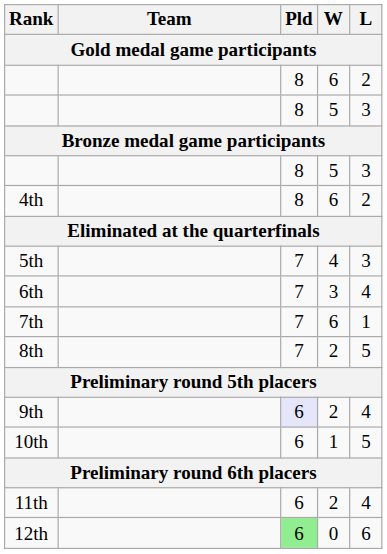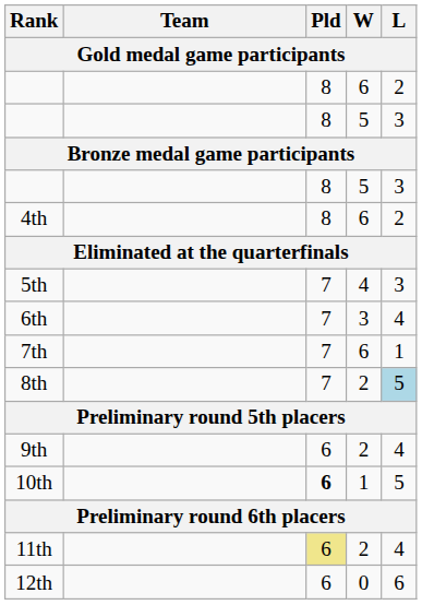 <table class=wikitable>
 <tr>
 <th>Rank</th>
 <th width=180px>Team</th>
 <th width=20px>Pld</th>
 <th width=20px>W</th>
 <th width=20px>L</th>
 </tr>
 <tr>
 <th colspan=11>Gold medal game participants</th>
 </tr>
 <tr align=center>
 <td></td>
 <td align=left></td>
 <td>8</td>
 <td>6</td>
 <td>2</td>
 </tr>
 <tr align=center>
 <td></td>
 <td align=left></td>
 <td>8</td>
 <td>5</td>
 <td>3</td>
 </tr>
 <tr>
 <th colspan=11>Bronze medal game participants</th>
 </tr>
 <tr align=center>
 <td></td>
 <td align=left></td>
 <td>8</td>
 <td>5</td>
 <td>3</td>
 </tr>
 <tr align=center>
 <td>4th</td>
 <td align=left></td>
 <td>8</td>
 <td>6</td>
 <td>2</td>
 </tr>
 <tr>
 <th colspan=11>Eliminated at the quarterfinals</th>
 </tr>
 <tr align=center>
 <td>5th</td>
 <td align=left></td>
 <td>7</td>
 <td>4</td>
 <td>3</td>
 </tr>
 <tr align=center>
 <td>6th</td>
 <td align=left></td>
 <td>7</td>
 <td>3</td>
 <td>4</td>
 </tr>
 <tr align=center>
 <td>7th</td>
 <td align=left></td>
 <td>7</td>
 <td>6</td>
 <td>1</td>
 </tr>
 <tr align=center>
 <td>8th</td>
 <td align=left></td>
 <td>7</td>
 <td>2</td>
-<td>5</td>
+<td style="background: lightblue;">5</td>
 </tr>
 <tr>
 <th colspan=11>Preliminary round 5th placers</th>
 </tr>
 <tr align=center>
 <td>9th</td>
 <td align=left></td>
-<td style="background: lavender;">6</td>
+<td>6</td>
 <td>2</td>
 <td>4</td>
 </tr>
 <tr align=center>
 <td>10th</td>
 <td align=left></td>
-<td>6</td>
+<td><strong>6</strong></td>
 <td>1</td>
 <td>5</td>
 </tr>
 <tr>
 <th colspan=11>Preliminary round 6th placers</th>
 </tr>
 <tr align=center>
 <td>11th</td>
 <td align=left></td>
-<td>6</td>
+<td style="background: khaki;">6</td>
 <td>2</td>
 <td>4</td>
 </tr>
 <tr align=center>
 <td>12th</td>
 <td align=left></td>
-<td style="background: lightgreen;">6</td>
+<td>6</td>
 <td>0</td>
 <td>6</td>
 </tr>
 </table>
